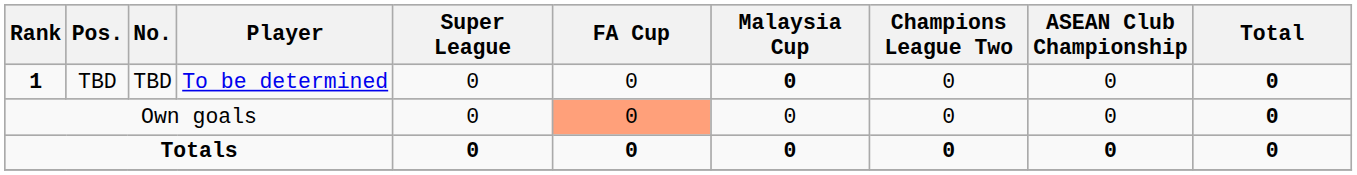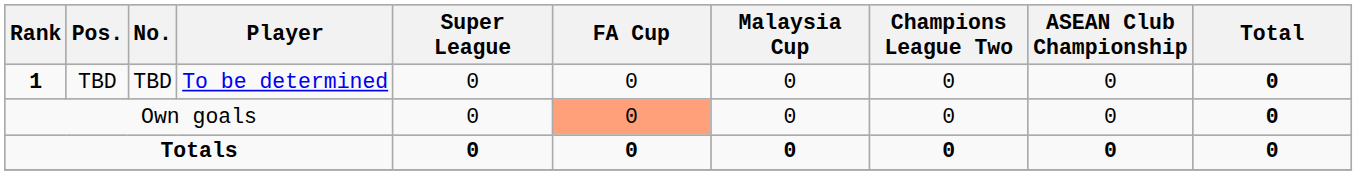 <table class="wikitable sortable alternance" style="text-align:center">
 <tr>
 <th>Rank</th>
 <th>Pos.</th>
 <th>No.</th>
 <th>Player</th>
 <th width="90">Super League</th>
 <th width="90">FA Cup</th>
 <th width="90">Malaysia Cup</th>
 <th width="90">Champions League Two</th>
 <th width="90">ASEAN Club Championship</th>
 <th width="90">Total</th>
 </tr>
 <tr>
 <td><strong>1</strong></td>
 <td>TBD</td>
 <td>TBD</td>
 <td align="left"><a href='#'>To be determined</a></td>
 <td>0</td>
 <td>0</td>
-<td><strong>0</strong></td>
+<td>0</td>
 <td>0</td>
 <td>0</td>
 <td><strong>0</strong></td>
 </tr>
 <tr>
 <td colspan="4">Own goals</td>
 <td>0</td>
 <td style="background: lightsalmon;">0</td>
 <td>0</td>
 <td>0</td>
 <td>0</td>
 <td><strong>0</strong></td>
 </tr>
 <tr class="sortbottom">
 <td colspan="4"><strong>Totals</strong></td>
 <td><strong>0</strong></td>
 <td><strong>0</strong></td>
 <td><strong>0</strong></td>
 <td><strong>0</strong></td>
 <td><strong>0</strong></td>
 <td><strong>0</strong></td>
 </tr>
 <tr>
 </tr>
 </table>
